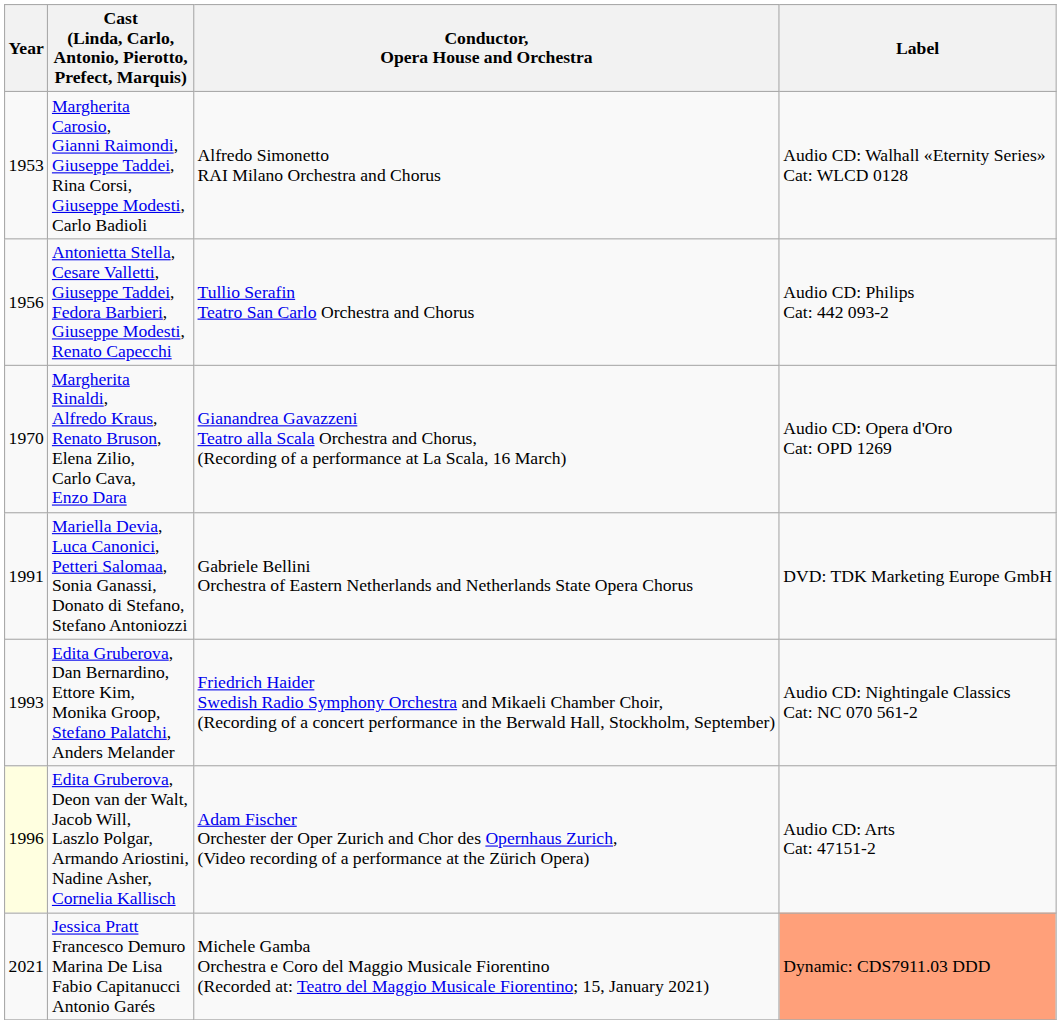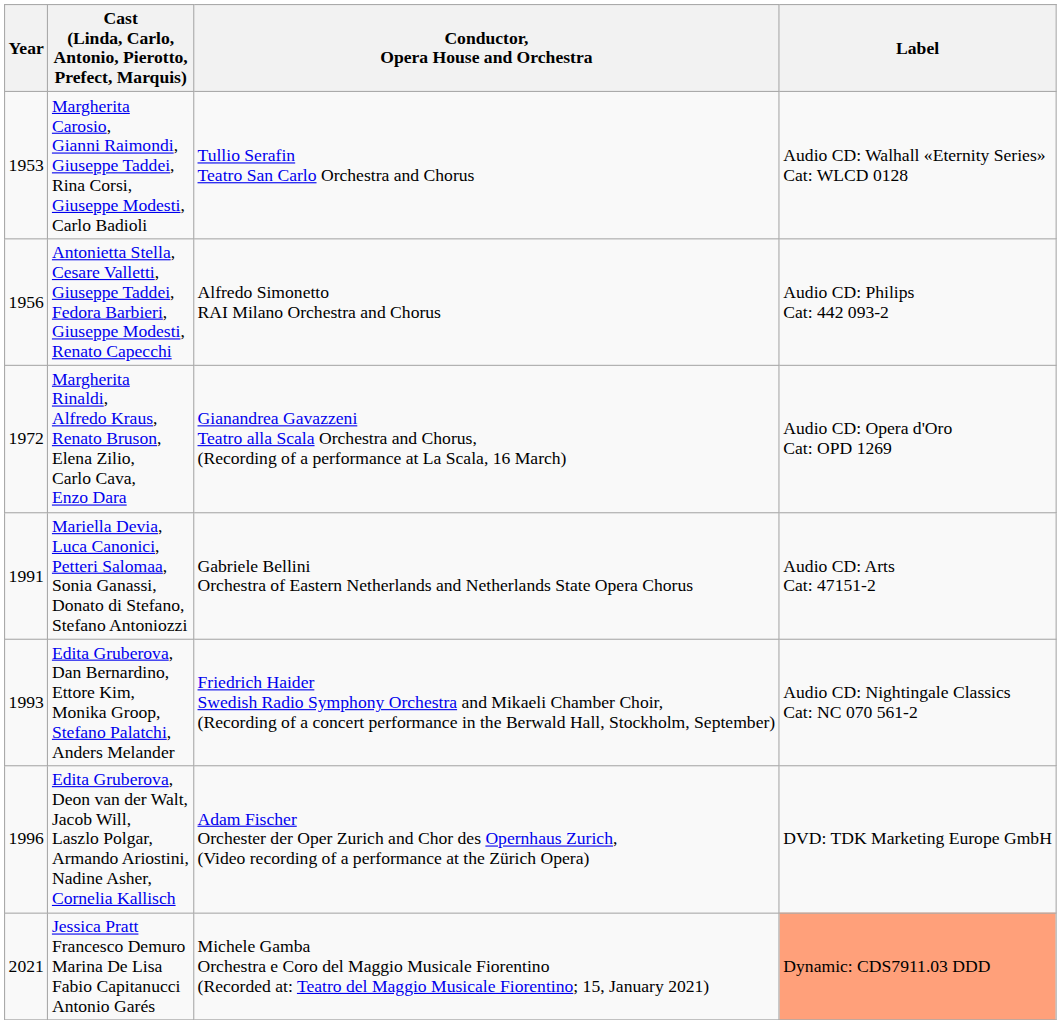 <table class="wikitable">
 <tr>
 <th>Year</th>
 <th width="125">Cast <br>(Linda, Carlo,<br>Antonio, Pierotto,<br>Prefect, Marquis)</th>
 <th>Conductor,<br>Opera House and Orchestra</th>
 <th>Label</th>
 </tr>
 <tr>
 <td>1953</td>
 <td><a href='#'>Margherita Carosio</a>,<br><a href='#'>Gianni Raimondi</a>,<br><a href='#'>Giuseppe Taddei</a>,<br>Rina Corsi,<br><a href='#'>Giuseppe Modesti</a>,<br>Carlo Badioli</td>
-<td>Alfredo Simonetto<br>RAI Milano Orchestra and Chorus</td>
+<td><a href='#'>Tullio Serafin</a><br><a href='#'>Teatro San Carlo</a> Orchestra and Chorus</td>
 <td>Audio CD: Walhall «Eternity Series»<br>Cat: WLCD 0128</td>
 </tr>
 <tr>
 <td>1956</td>
 <td><a href='#'>Antonietta Stella</a>,<br><a href='#'>Cesare Valletti</a>,<br><a href='#'>Giuseppe Taddei</a>,<br><a href='#'>Fedora Barbieri</a>,<br><a href='#'>Giuseppe Modesti</a>,<br><a href='#'>Renato Capecchi</a></td>
-<td><a href='#'>Tullio Serafin</a><br><a href='#'>Teatro San Carlo</a> Orchestra and Chorus</td>
+<td>Alfredo Simonetto<br>RAI Milano Orchestra and Chorus</td>
 <td>Audio CD: Philips<br>Cat: 442 093-2</td>
 </tr>
 <tr>
-<td>1970</td>
+<td>1972</td>
 <td><a href='#'>Margherita Rinaldi</a>,<br><a href='#'>Alfredo Kraus</a>,<br><a href='#'>Renato Bruson</a>,<br>Elena Zilio,<br>Carlo Cava,<br><a href='#'>Enzo Dara</a></td>
 <td><a href='#'>Gianandrea Gavazzeni</a><br><a href='#'>Teatro alla Scala</a> Orchestra and Chorus,<br>(Recording of a performance at La Scala, 16 March)</td>
 <td>Audio CD: Opera d'Oro<br>Cat: OPD 1269</td>
 </tr>
 <tr>
 <td>1991</td>
 <td><a href='#'>Mariella Devia</a>,<br><a href='#'>Luca Canonici</a>,<br><a href='#'>Petteri Salomaa</a>,<br>Sonia Ganassi,<br>Donato di Stefano,<br>Stefano Antoniozzi</td>
 <td>Gabriele Bellini<br>Orchestra of Eastern Netherlands and Netherlands State Opera Chorus</td>
-<td>DVD: TDK Marketing Europe GmbH</td>
+<td>Audio CD: Arts<br>Cat: 47151-2</td>
 </tr>
 <tr>
 <td>1993</td>
 <td><a href='#'>Edita Gruberova</a>,<br>Dan Bernardino,<br>Ettore Kim,<br>Monika Groop,<br><a href='#'>Stefano Palatchi</a>,<br>Anders Melander</td>
 <td><a href='#'>Friedrich Haider</a><br><a href='#'>Swedish Radio Symphony Orchestra</a> and Mikaeli Chamber Choir,<br>(Recording of a concert performance in the Berwald Hall, Stockholm, September)</td>
 <td>Audio CD: Nightingale Classics<br>Cat: NC 070 561-2</td>
 </tr>
 <tr>
-<td style="background: lightyellow;">1996</td>
+<td>1996</td>
 <td><a href='#'>Edita Gruberova</a>,<br>Deon van der Walt,<br>Jacob Will,<br>Laszlo Polgar,<br>Armando Ariostini,<br>Nadine Asher,<br><a href='#'>Cornelia Kallisch</a></td>
 <td><a href='#'>Adam Fischer</a><br>Orchester der Oper Zurich and Chor des <a href='#'>Opernhaus Zurich</a>,<br>(Video recording of a performance at the Zürich Opera)</td>
-<td>Audio CD: Arts<br>Cat: 47151-2</td>
+<td>DVD: TDK Marketing Europe GmbH</td>
 </tr>
 <tr>
 <td>2021</td>
 <td><a href='#'>Jessica Pratt</a><br>Francesco Demuro<br>Marina De Lisa<br>Fabio Capitanucci<br>Antonio Garés</td>
 <td>Michele Gamba<br>Orchestra e Coro del Maggio Musicale Fiorentino<br>(Recorded at: <a href='#'>Teatro del Maggio Musicale Fiorentino</a>; 15, January 2021)</td>
 <td style="background: lightsalmon;">Dynamic: CDS7911.03 DDD</td>
 </tr>
 </table>
